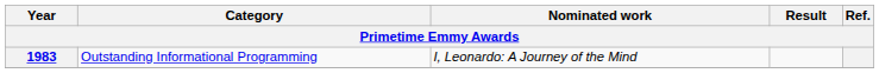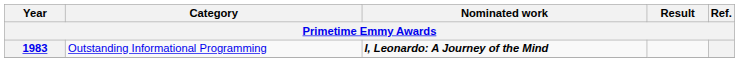 <table class=wikitable>
 <tr>
 <th scope="col" style="width:5em;">Year</th>
 <th scope="col" style="width:26em;">Category</th>
 <th scope="col" style="width:25em;">Nominated work</th>
 <th scope="col" style="width:5em;">Result</th>
 <th>Ref.</th>
 </tr>
 <tr>
 <th colspan=5><a href='#'>Primetime Emmy Awards</a></th>
 </tr>
 <tr>
 <th Scope=row><a href='#'>1983</a></th>
 <td><a href='#'>Outstanding Informational Programming</a></td>
-<td><em>I, Leonardo: A Journey of the Mind</em></td>
+<td><strong><em>I, Leonardo: A Journey of the Mind</em></strong></td>
 <td></td>
 <th Scope=row></th>
 </tr>
 <tr>
 </tr>
 </table>
